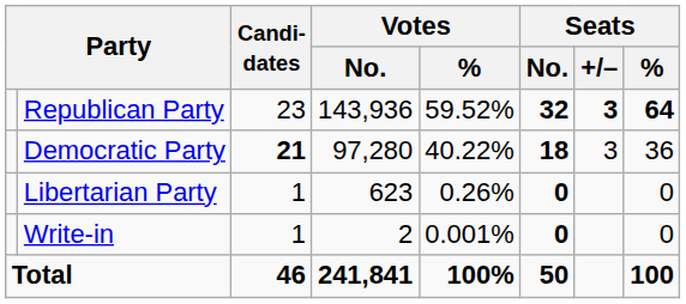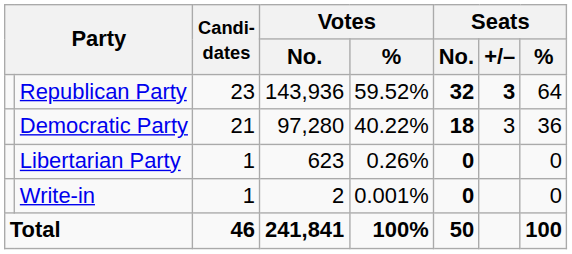 <table class="wikitable" style="font-size:100%; text-align:right;">
 <tr>
 <th colspan=2 rowspan=2>Party</th>
 <th rowspan=2><small>Candi-<br>dates</small></th>
 <th colspan=2>Votes</th>
 <th colspan=3>Seats</th>
 </tr>
 <tr>
 <th>No.</th>
 <th>%</th>
 <th>No.</th>
 <th>+/–</th>
 <th>%</th>
 </tr>
 <tr>
 <td style="background:"></td>
 <td align=left><a href='#'>Republican Party</a></td>
 <td>23</td>
 <td>143,936</td>
 <td>59.52%</td>
 <td><strong>32</strong></td>
 <td><strong>3</strong></td>
-<td><strong>64</strong></td>
+<td>64</td>
 </tr>
 <tr>
 <td style="background:"></td>
 <td align=left><a href='#'>Democratic Party</a></td>
-<td><strong>21</strong></td>
+<td>21</td>
 <td>97,280</td>
 <td>40.22%</td>
 <td><strong>18</strong></td>
 <td>3</td>
 <td>36</td>
 </tr>
 <tr>
 <td style="background:"></td>
 <td align=left><a href='#'>Libertarian Party</a></td>
 <td>1</td>
 <td>623</td>
 <td>0.26%</td>
 <td><strong>0</strong></td>
 <td></td>
 <td>0</td>
 </tr>
 <tr>
 <td style="background:"></td>
 <td align=left><a href='#'>Write-in</a></td>
 <td>1</td>
 <td>2</td>
 <td>0.001%</td>
 <td><strong>0</strong></td>
 <td></td>
 <td>0</td>
 </tr>
 <tr style="font-weight:bold">
 <td colspan=2 align=left>Total</td>
 <td>46</td>
 <td>241,841</td>
 <td>100%</td>
 <td>50</td>
 <td></td>
 <td>100</td>
 </tr>
 </table>
